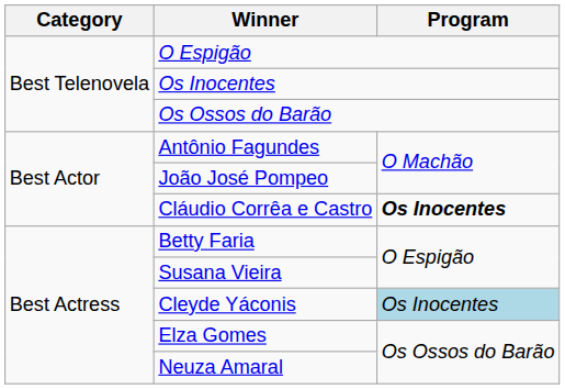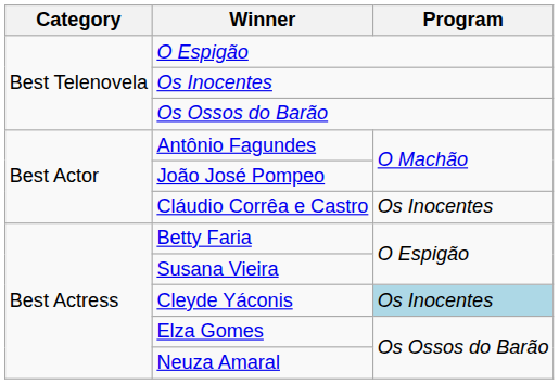 <table class="wikitable">
 <tr>
 <th>Category</th>
 <th>Winner</th>
 <th>Program</th>
 </tr>
 <tr>
 <td rowspan="3">Best Telenovela</td>
 <td colspan="2"><em><a href='#'>O Espigão</a></em></td>
 </tr>
 <tr>
 <td colspan="2"><em><a href='#'>Os Inocentes</a></em></td>
 </tr>
 <tr>
 <td colspan="2"><em><a href='#'>Os Ossos do Barão</a></em></td>
 </tr>
 <tr>
 <td rowspan="3">Best Actor</td>
 <td><a href='#'>Antônio Fagundes</a></td>
 <td rowspan="2"><em><a href='#'>O Machão</a></em></td>
 </tr>
 <tr>
 <td><a href='#'>João José Pompeo</a></td>
 </tr>
 <tr>
 <td><a href='#'>Cláudio Corrêa e Castro</a></td>
-<td><strong><em>Os Inocentes</em></strong></td>
+<td><em>Os Inocentes</em></td>
 </tr>
 <tr>
 <td rowspan="5">Best Actress</td>
 <td><a href='#'>Betty Faria</a></td>
 <td rowspan="2"><em>O Espigão</em></td>
 </tr>
 <tr>
 <td><a href='#'>Susana Vieira</a></td>
 </tr>
 <tr>
 <td><a href='#'>Cleyde Yáconis</a></td>
 <td style="background: lightblue;"><em>Os Inocentes</em></td>
 </tr>
 <tr>
 <td><a href='#'>Elza Gomes</a></td>
 <td rowspan="2"><em>Os Ossos do Barão</em></td>
 </tr>
 <tr>
 <td><a href='#'>Neuza Amaral</a></td>
 </tr>
 </table>
